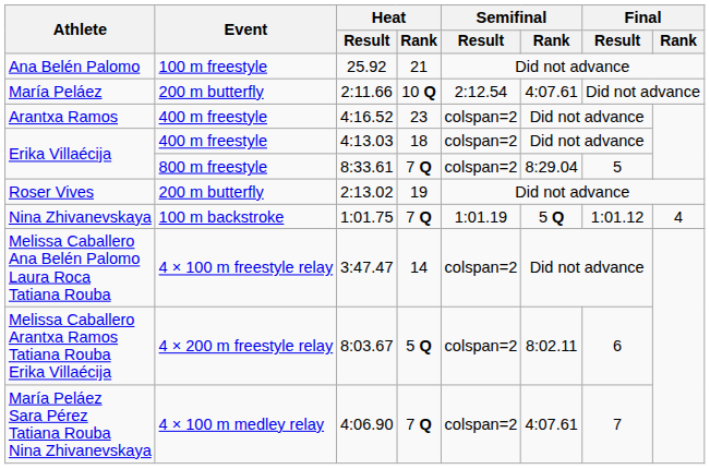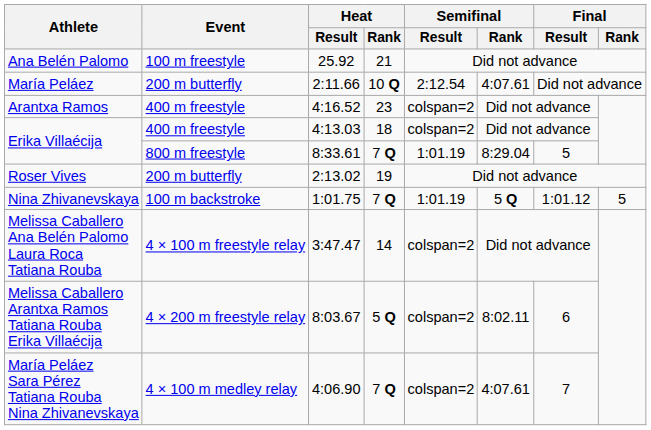 <table class="wikitable" style="font-size:90%;">
 <tr>
 <th rowspan="2">Athlete</th>
 <th rowspan="2">Event</th>
 <th colspan="2">Heat</th>
 <th colspan="2">Semifinal</th>
 <th colspan="2">Final</th>
 </tr>
 <tr style="font-size:95%">
 <th>Result</th>
 <th>Rank</th>
 <th>Result</th>
 <th>Rank</th>
 <th>Result</th>
 <th>Rank</th>
 </tr>
 <tr align=center>
 <td align=left><a href='#'>Ana Belén Palomo</a></td>
 <td align=left><a href='#'>100 m freestyle</a></td>
 <td>25.92</td>
 <td>21</td>
 <td colspan=4>Did not advance</td>
 </tr>
 <tr align=center>
 <td align=left><a href='#'>María Peláez</a></td>
 <td align=left><a href='#'>200 m butterfly</a></td>
 <td>2:11.66</td>
 <td>10 <strong>Q</strong></td>
 <td>2:12.54</td>
 <td>4:07.61</td>
 <td colspan=2>Did not advance</td>
 </tr>
 <tr align=center>
 <td align=left><a href='#'>Arantxa Ramos</a></td>
 <td align=left><a href='#'>400 m freestyle</a></td>
 <td>4:16.52</td>
 <td>23</td>
 <td>colspan=2 </td>
 <td colspan=2>Did not advance</td>
 </tr>
 <tr align=center>
 <td align=left rowspan=2><a href='#'>Erika Villaécija</a></td>
 <td align=left><a href='#'>400 m freestyle</a></td>
 <td>4:13.03</td>
 <td>18</td>
 <td>colspan=2 </td>
 <td colspan=2>Did not advance</td>
 </tr>
 <tr align=center>
 <td align=left><a href='#'>800 m freestyle</a></td>
 <td>8:33.61</td>
 <td>7 <strong>Q</strong></td>
-<td>colspan=2 </td>
+<td>1:01.19</td>
 <td>8:29.04</td>
 <td>5</td>
 </tr>
 <tr align=center>
 <td align=left><a href='#'>Roser Vives</a></td>
 <td align=left><a href='#'>200 m butterfly</a></td>
 <td>2:13.02</td>
 <td>19</td>
 <td colspan=4>Did not advance</td>
 </tr>
 <tr align=center>
 <td align=left><a href='#'>Nina Zhivanevskaya</a></td>
 <td align=left><a href='#'>100 m backstroke</a></td>
 <td>1:01.75</td>
 <td>7 <strong>Q</strong></td>
 <td>1:01.19</td>
 <td>5 <strong>Q</strong></td>
 <td>1:01.12</td>
-<td>4</td>
+<td>5</td>
 </tr>
 <tr align=center>
 <td align=left><a href='#'>Melissa Caballero</a><br><a href='#'>Ana Belén Palomo</a><br><a href='#'>Laura Roca</a><br><a href='#'>Tatiana Rouba</a></td>
 <td align=left><a href='#'>4 × 100 m freestyle relay</a></td>
 <td>3:47.47</td>
 <td>14</td>
 <td>colspan=2 </td>
 <td colspan=2>Did not advance</td>
 </tr>
 <tr align=center>
 <td align=left><a href='#'>Melissa Caballero</a><br><a href='#'>Arantxa Ramos</a><br><a href='#'>Tatiana Rouba</a><br><a href='#'>Erika Villaécija</a></td>
 <td align=left><a href='#'>4 × 200 m freestyle relay</a></td>
 <td>8:03.67</td>
 <td>5 <strong>Q</strong></td>
 <td>colspan=2 </td>
 <td>8:02.11</td>
 <td>6</td>
 </tr>
 <tr align=center>
 <td align=left><a href='#'>María Peláez</a><br><a href='#'>Sara Pérez</a><br><a href='#'>Tatiana Rouba</a><br><a href='#'>Nina Zhivanevskaya</a></td>
 <td align=left><a href='#'>4 × 100 m medley relay</a></td>
 <td>4:06.90</td>
 <td>7 <strong>Q</strong></td>
 <td>colspan=2 </td>
 <td>4:07.61</td>
 <td>7</td>
 </tr>
 </table>
